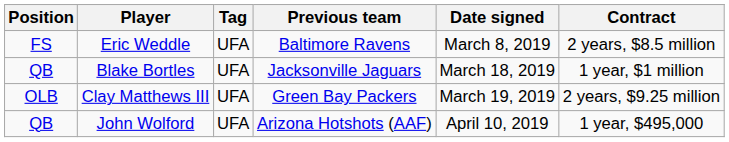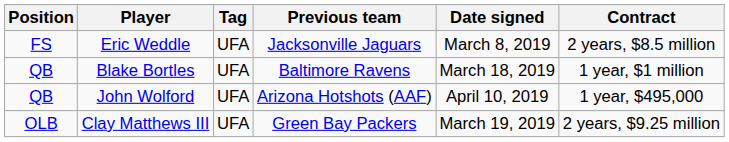 <table class="wikitable" style="text-align:center">
 <tr>
 <th>Position</th>
 <th>Player</th>
 <th>Tag</th>
 <th>Previous team</th>
 <th>Date signed</th>
 <th>Contract</th>
 </tr>
 <tr>
 <td><a href='#'>FS</a></td>
 <td><a href='#'>Eric Weddle</a></td>
 <td>UFA</td>
-<td><a href='#'>Baltimore Ravens</a></td>
+<td><a href='#'>Jacksonville Jaguars</a></td>
 <td>March 8, 2019</td>
 <td>2 years, $8.5 million</td>
 </tr>
 <tr>
 <td><a href='#'>QB</a></td>
 <td><a href='#'>Blake Bortles</a></td>
 <td>UFA</td>
-<td><a href='#'>Jacksonville Jaguars</a></td>
+<td><a href='#'>Baltimore Ravens</a></td>
 <td>March 18, 2019</td>
 <td>1 year, $1 million</td>
+</tr>
+<tr>
+<td><a href='#'>QB</a></td>
+<td><a href='#'>John Wolford</a></td>
+<td>UFA</td>
+<td><a href='#'>Arizona Hotshots</a> (<a href='#'>AAF</a>)</td>
+<td>April 10, 2019</td>
+<td>1 year, $495,000</td>
 </tr>
 <tr>
 <td><a href='#'>OLB</a></td>
 <td><a href='#'>Clay Matthews III</a></td>
 <td>UFA</td>
 <td><a href='#'>Green Bay Packers</a></td>
 <td>March 19, 2019</td>
 <td>2 years, $9.25 million</td>
 </tr>
-<tr>
-<td><a href='#'>QB</a></td>
-<td><a href='#'>John Wolford</a></td>
-<td>UFA</td>
-<td><a href='#'>Arizona Hotshots</a> (<a href='#'>AAF</a>)</td>
-<td>April 10, 2019</td>
-<td>1 year, $495,000</td>
-</tr>
 </table>
